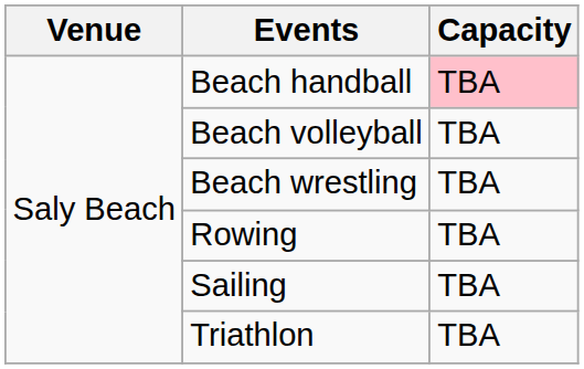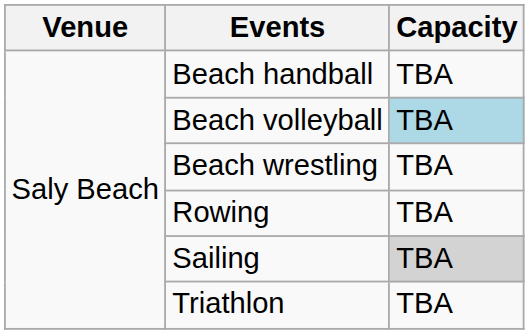 <table class="wikitable sortable">
 <tr>
 <th>Venue</th>
 <th>Events</th>
 <th>Capacity</th>
 </tr>
 <tr>
 <td rowspan=6>Saly Beach</td>
 <td>Beach handball</td>
-<td style="background: pink;">TBA</td>
+<td>TBA</td>
 </tr>
 <tr>
 <td>Beach volleyball</td>
-<td>TBA</td>
+<td style="background: lightblue;">TBA</td>
 </tr>
 <tr>
 <td>Beach wrestling</td>
 <td>TBA</td>
 </tr>
 <tr>
 <td>Rowing</td>
 <td>TBA</td>
 </tr>
 <tr>
 <td>Sailing</td>
-<td>TBA</td>
+<td style="background: lightgrey;">TBA</td>
 </tr>
 <tr>
 <td>Triathlon</td>
 <td>TBA</td>
 </tr>
 </table>
